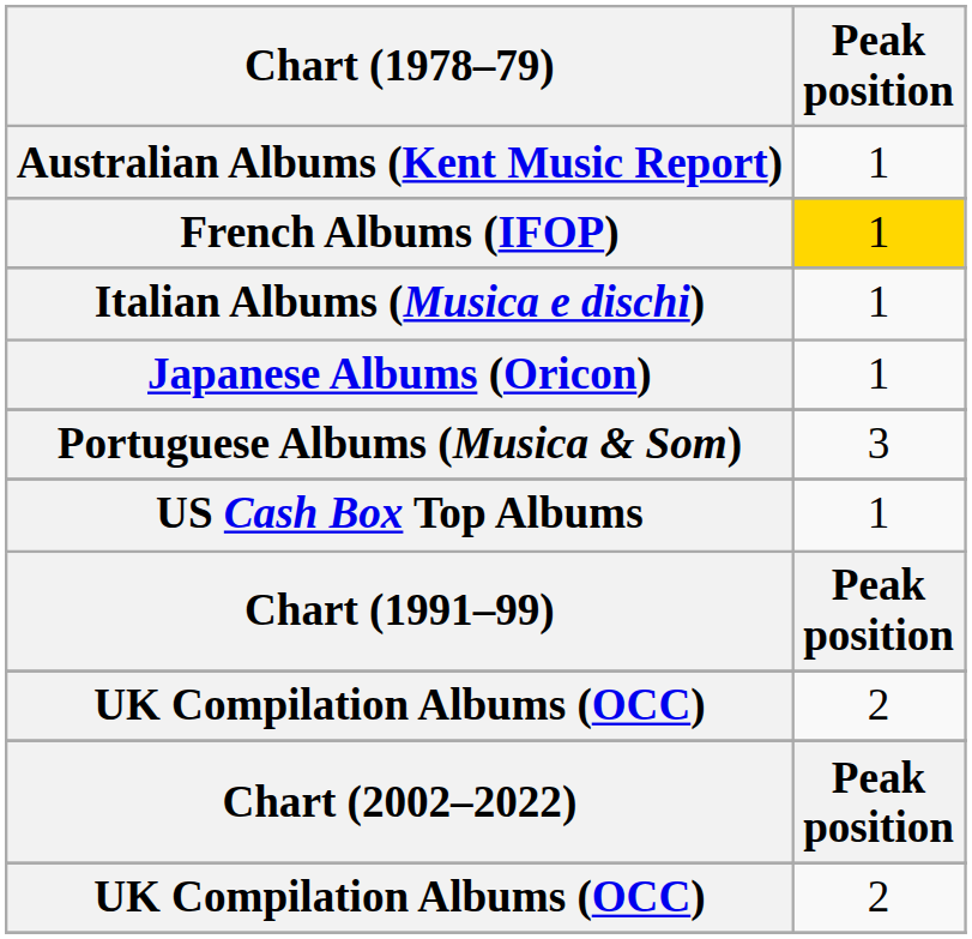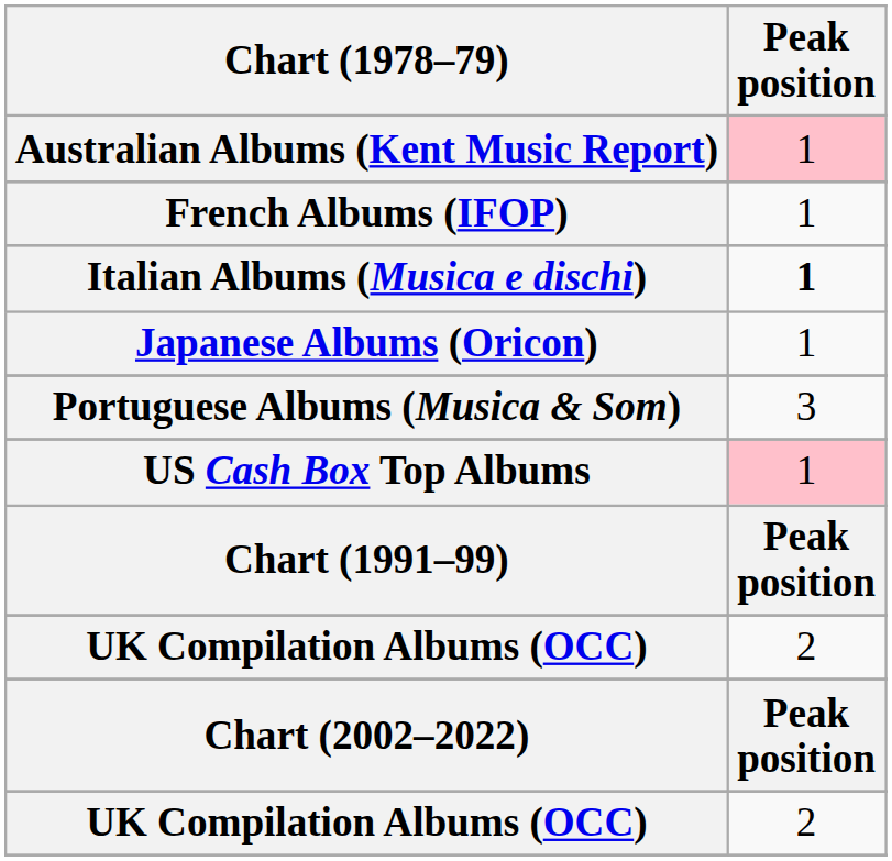 <table class="wikitable sortable plainrowheaders" style="text-align:center">
 <tr>
 <th scope="col">Chart (1978–79)</th>
 <th scope="col">Peak<br>position</th>
 </tr>
 <tr>
 <th scope="row">Australian Albums (<a href='#'>Kent Music Report</a>)</th>
-<td>1</td>
+<td style="background: pink;">1</td>
 </tr>
 <tr>
 </tr>
 <tr>
 </tr>
 <tr>
 </tr>
 <tr>
 <th scope="row">French Albums (<a href='#'>IFOP</a>)</th>
-<td style="background: gold;">1</td>
+<td>1</td>
 </tr>
 <tr>
 </tr>
 <tr>
 <th scope="row">Italian Albums (<em><a href='#'>Musica e dischi</a></em>)</th>
-<td>1</td>
+<td><strong>1</strong></td>
 </tr>
 <tr>
 <th scope="row"><a href='#'>Japanese Albums</a> (<a href='#'>Oricon</a>)</th>
 <td>1</td>
 </tr>
 <tr>
 </tr>
 <tr>
 </tr>
 <tr>
 <th scope="row">Portuguese Albums (<em>Musica & Som</em>)</th>
 <td align="center">3</td>
 </tr>
 <tr>
 </tr>
 <tr>
 </tr>
 <tr>
 </tr>
 <tr>
 <th scope="row">US <em><a href='#'>Cash Box</a></em> Top Albums</th>
-<td align="center">1</td>
+<td align="center" style="background: pink;">1</td>
 </tr>
 <tr>
 <th scope="col">Chart (1991–99)</th>
 <th scope="col">Peak<br>position</th>
 </tr>
 <tr>
 </tr>
 <tr>
 </tr>
 <tr>
 </tr>
 <tr>
 </tr>
 <tr>
 </tr>
 <tr>
 </tr>
 <tr>
 </tr>
 <tr>
 </tr>
 <tr>
 </tr>
 <tr>
 </tr>
 <tr>
 <th scope="row">UK Compilation Albums (<a href='#'>OCC</a>)</th>
 <td style="text-align:center;">2</td>
 </tr>
 <tr>
 </tr>
 <tr>
 <th scope="col">Chart (2002–2022)</th>
 <th scope="col">Peak<br>position</th>
 </tr>
 <tr>
 </tr>
 <tr>
 </tr>
 <tr>
 </tr>
 <tr>
 </tr>
 <tr>
 </tr>
 <tr>
 </tr>
 <tr>
 </tr>
 <tr>
 </tr>
 <tr>
 <th scope="row">UK Compilation Albums (<a href='#'>OCC</a>)</th>
 <td style="text-align:center;">2</td>
 </tr>
 <tr>
 </tr>
 </table>
